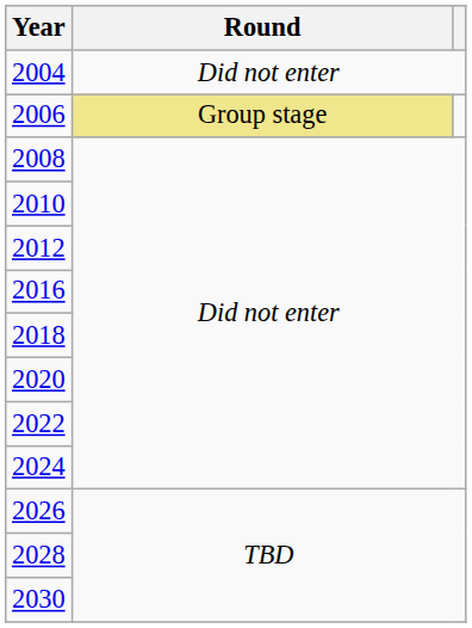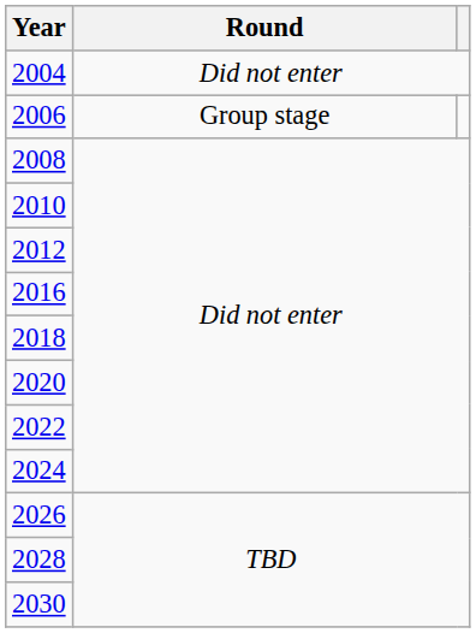 <table class="wikitable" style="text-align: center; font-size:90%">
 <tr>
 <th>Year</th>
 <th style="width:200px">Round</th>
 <th></th>
 </tr>
 <tr>
 <td><a href='#'>2004</a></td>
 <td colspan="2"><em>Did not enter</em></td>
 </tr>
 <tr>
 <td><a href='#'>2006</a></td>
-<td style="background: khaki;">Group stage</td>
+<td>Group stage</td>
 <td></td>
 </tr>
 <tr>
 <td><a href='#'>2008</a></td>
 <td colspan="2" rowspan="8"><em>Did not enter</em></td>
 </tr>
 <tr>
 <td><a href='#'>2010</a></td>
 </tr>
 <tr>
 <td><a href='#'>2012</a></td>
 </tr>
 <tr>
 <td><a href='#'>2016</a></td>
 </tr>
 <tr>
 <td><a href='#'>2018</a></td>
 </tr>
 <tr>
 <td><a href='#'>2020</a></td>
 </tr>
 <tr>
 <td><a href='#'>2022</a></td>
 </tr>
 <tr>
 <td><a href='#'>2024</a></td>
 </tr>
 <tr>
 <td><a href='#'>2026</a></td>
 <td colspan="2" rowspan="3"><em>TBD</em></td>
 </tr>
 <tr>
 <td><a href='#'>2028</a></td>
 </tr>
 <tr>
 <td><a href='#'>2030</a></td>
 </tr>
 </table>
